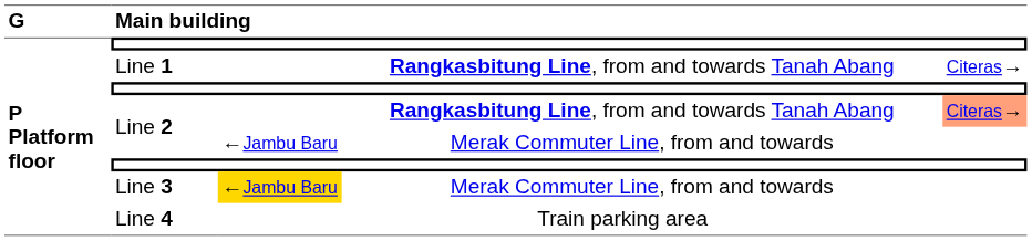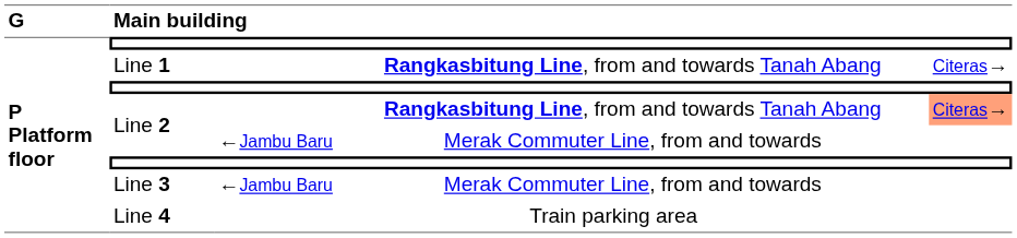 <table cellspacing="0" cellpadding="3">
 <tr>
 <td style="border-top:solid 1px gray;"><strong>G</strong></td>
 <td colspan="4" style="border-top:solid 1px gray;"><strong>Main building</strong></td>
 </tr>
 <tr>
 <td rowspan="8" style="border-top:solid 1px gray; border-bottom:solid 1px gray" width="75"><strong>P<br>Platform floor</strong></td>
 <td colspan="4" style="border-top:solid 2px black;border-right:solid 2px black;border-left:solid 2px black;border-bottom:solid 2px black;text-align:center;"></td>
 </tr>
 <tr>
 <td>Line <strong>1</strong></td>
 <td></td>
 <td style="text-align:center"> <strong><a href='#'>Rangkasbitung Line</a></strong>, from and towards <a href='#'>Tanah Abang</a></td>
 <td><small><a href='#'>Citeras</a></small>→</td>
 </tr>
 <tr>
 <td colspan="4" style="border-top:solid 2px black;border-right:solid 2px black;border-left:solid 2px black;border-bottom:solid 2px black;text-align:center;"></td>
 </tr>
 <tr>
 <td rowspan="2" width="50">Line <strong>2</strong></td>
 <td></td>
 <td style="text-align:center" width="450"> <strong><a href='#'>Rangkasbitung Line</a></strong>, from and towards <a href='#'>Tanah Abang</a></td>
 <td style="background: lightsalmon;"><small><a href='#'>Citeras</a></small>→</td>
 </tr>
 <tr>
 <td>←<small><a href='#'>Jambu Baru</a></small></td>
 <td style="text-align:center"> <a href='#'>Merak Commuter Line</a>, from and towards </td>
 <td></td>
 </tr>
 <tr>
 <td colspan="4" style="border-top:solid 2px black;border-right:solid 2px black;border-left:solid 2px black;border-bottom:solid 2px black;text-align:center;"></td>
 </tr>
 <tr>
 <td>Line <strong>3</strong></td>
-<td style="background: gold;">←<small><a href='#'>Jambu Baru</a></small></td>
+<td>←<small><a href='#'>Jambu Baru</a></small></td>
 <td style="text-align:center"> <a href='#'>Merak Commuter Line</a>, from and towards </td>
 <td></td>
 </tr>
 <tr>
 <td style="border-bottom:solid 1px gray" width="75">Line <strong>4</strong></td>
 <td colspan="3" style="border-bottom:solid 1px gray; text-align:center" width="75">Train parking area</td>
 </tr>
 <tr>
 </tr>
 </table>
